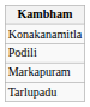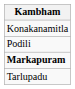 <table class="wikitable sortable static-row-numbers static-row-header-hash">
 <tr>
 <th>Kambham</th>
 </tr>
 <tr>
 <td>Konakanamitla</td>
 </tr>
 <tr>
 <td>Podili</td>
 </tr>
 <tr>
-<td>Markapuram</td>
+<td><strong>Markapuram</strong></td>
 </tr>
 <tr>
 <td>Tarlupadu</td>
 </tr>
 </table>
